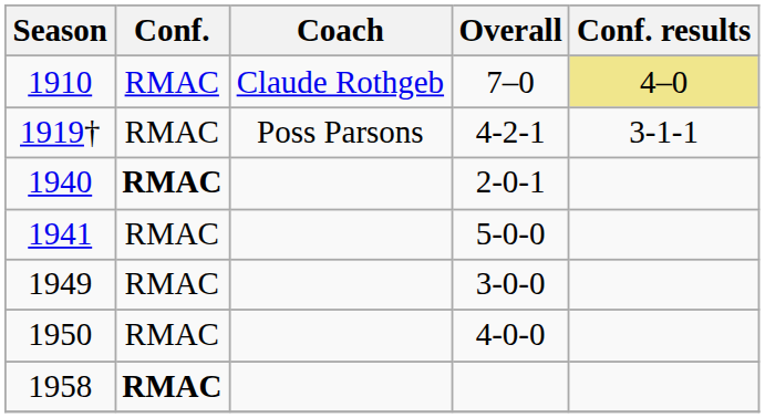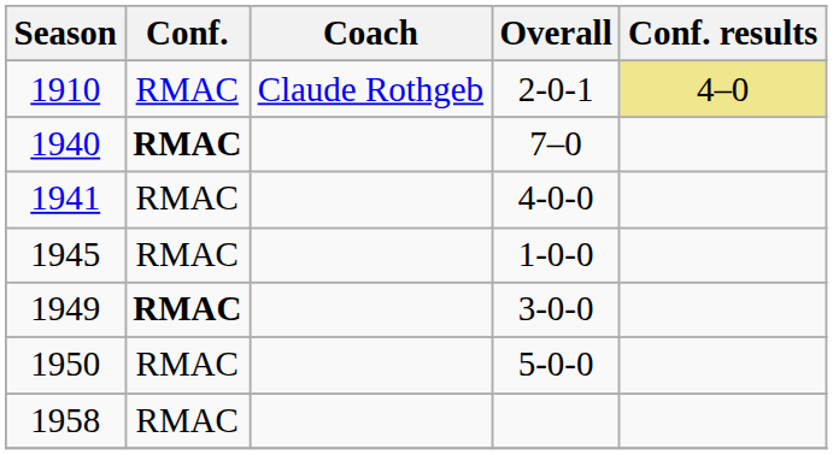 <table class="wikitable" style="text-align:center">
 <tr>
 <th width=px>Season</th>
 <th width=px>Conf.</th>
 <th width=px>Coach</th>
 <th width=px>Overall</th>
 <th width=px>Conf. results</th>
 </tr>
 <tr>
 <td><a href='#'>1910</a></td>
 <td><a href='#'>RMAC</a></td>
 <td><a href='#'>Claude Rothgeb</a></td>
-<td>7–0</td>
+<td>2-0-1</td>
 <td style="background: khaki;">4–0</td>
-</tr>
-<tr>
-<td><a href='#'>1919</a>†</td>
-<td>RMAC</td>
-<td>Poss Parsons</td>
-<td>4-2-1</td>
-<td>3-1-1</td>
 </tr>
 <tr>
 <td><a href='#'>1940</a></td>
 <td><strong>RMAC</strong></td>
 <td></td>
-<td>2-0-1</td>
+<td>7–0</td>
 <td></td>
 </tr>
 <tr>
 <td><a href='#'>1941</a></td>
 <td>RMAC</td>
 <td></td>
-<td>5-0-0</td>
+<td>4-0-0</td>
+<td></td>
+</tr>
+<tr>
+<td>1945</td>
+<td>RMAC</td>
+<td></td>
+<td>1-0-0</td>
 <td></td>
 </tr>
 <tr>
 <td>1949</td>
-<td>RMAC</td>
+<td><strong>RMAC</strong></td>
 <td></td>
 <td>3-0-0</td>
 <td></td>
 </tr>
 <tr>
 <td>1950</td>
 <td>RMAC</td>
 <td></td>
-<td>4-0-0</td>
+<td>5-0-0</td>
 <td></td>
 </tr>
 <tr>
 <td>1958</td>
-<td><strong>RMAC</strong></td>
+<td>RMAC</td>
 <td></td>
 <td></td>
 <td></td>
 </tr>
 <tr>
 </tr>
 </table>
